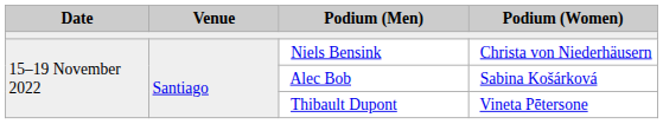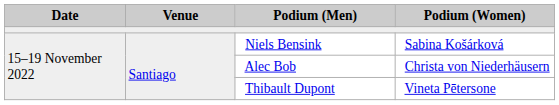 <table class="wikitable" width=70% bgcolor="#f7f8ff" cellpadding="3" cellspacing="0" border="1" style="font-size: 95%; border: gray solid 1px; border-collapse: collapse;">
 <tr bgcolor="#CCCCCC">
 <td align="center"><strong>Date</strong></td>
 <td width=20% align="center"><strong>Venue</strong></td>
 <td width=29% align="center"><strong>Podium (Men)</strong></td>
 <td width=29% align="center"><strong>Podium (Women)</strong></td>
 </tr>
 <tr bgcolor="#EFEFEF">
 <td colspan=4></td>
 </tr>
 <tr bgcolor="#EFEFEF">
 <td rowspan=3>15–19 November 2022</td>
 <td rowspan=3><br><a href='#'>Santiago</a></td>
 <td bgcolor="#ffffff">    <a href='#'>Niels Bensink</a></td>
-<td bgcolor="#ffffff">    <a href='#'>Christa von Niederhäusern</a></td>
+<td bgcolor="#ffffff">    <a href='#'>Sabina Košárková</a></td>
 </tr>
 <tr>
 <td bgcolor="#ffffff">    <a href='#'>Alec Bob</a></td>
-<td bgcolor="#ffffff">    <a href='#'>Sabina Košárková</a></td>
+<td bgcolor="#ffffff">    <a href='#'>Christa von Niederhäusern</a></td>
 </tr>
 <tr>
 <td bgcolor="#ffffff">    <a href='#'>Thibault Dupont</a></td>
 <td bgcolor="#ffffff">    <a href='#'>Vineta Pētersone</a></td>
 </tr>
 </table>
